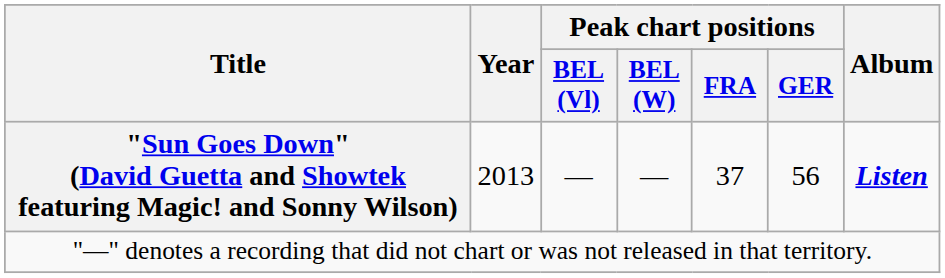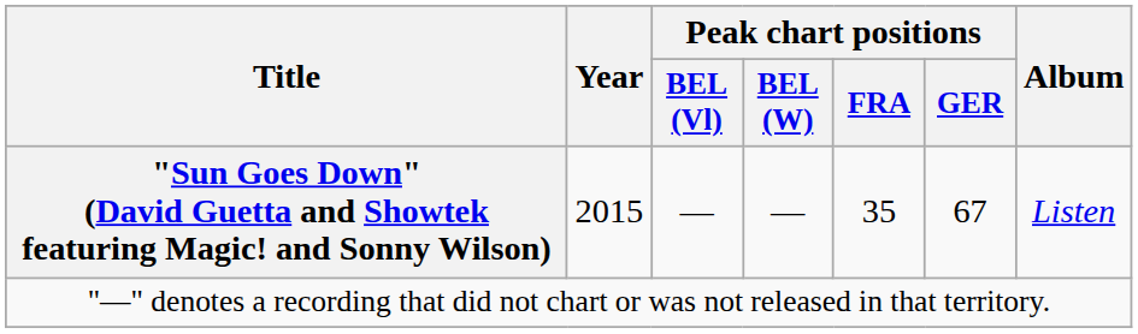 <table class="wikitable plainrowheaders" style="text-align:center;">
 <tr>
 <th scope="col" rowspan="2" style="width:16em;">Title</th>
 <th scope="col" rowspan="2">Year</th>
 <th scope="col" colspan="4">Peak chart positions</th>
 <th scope="col" rowspan="2">Album</th>
 </tr>
 <tr>
 <th scope="col" style="width:2.5em; font-size:90%;"><a href='#'>BEL <br> (Vl)</a> <br></th>
 <th scope="col" style="width:2.5em; font-size:90%;"><a href='#'>BEL <br> (W)</a> <br></th>
 <th scope="col" style="width:2.5em; font-size:90%;"><a href='#'>FRA</a> <br></th>
 <th scope="col" style="width:2.5em; font-size:90%;"><a href='#'>GER</a> <br></th>
 </tr>
 <tr>
 <th scope="row">"<a href='#'>Sun Goes Down</a>"<br> <span>(<a href='#'>David Guetta</a> and <a href='#'>Showtek</a> featuring Magic! and Sonny Wilson)</span></th>
-<td>2013</td>
+<td>2015</td>
 <td>—</td>
 <td>—</td>
-<td>37</td>
-<td>56</td>
-<td><strong><em><a href='#'>Listen</a></em></strong></td>
+<td>35</td>
+<td>67</td>
+<td><em><a href='#'>Listen</a></em></td>
 </tr>
 <tr>
 <td colspan="7" style="font-size:90%">"—" denotes a recording that did not chart or was not released in that territory.</td>
 </tr>
 </table>
